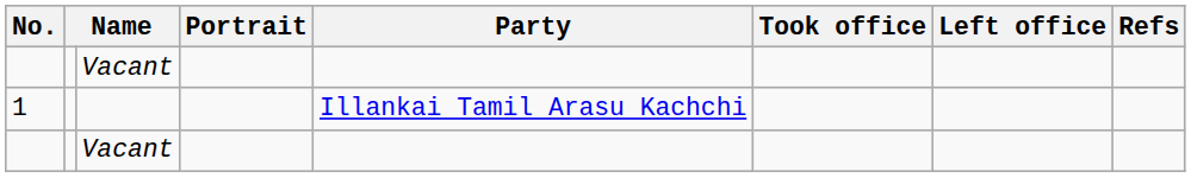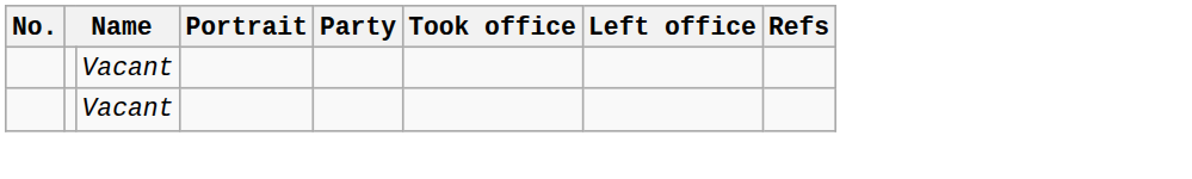 <table class="wikitable plainrowheaders sortable" style="font-size:100%; text-align:left;">
 <tr>
 <th>No.</th>
 <th colspan="2">Name</th>
 <th class=unsortable>Portrait</th>
 <th>Party</th>
 <th>Took office</th>
 <th>Left office</th>
 <th class=unsortable>Refs</th>
 </tr>
 <tr>
 <td></td>
 <td></td>
 <td align=center><em>Vacant</em> </td>
 <td></td>
 <td></td>
 <td align=center></td>
 <td align=center></td>
 <td align=center></td>
 </tr>
 <tr>
-<td>1</td>
-<td !align="center" style="background:"></td>
-<td></td>
-<td></td>
-<td><a href='#'>Illankai Tamil Arasu Kachchi</a></td>
-<td align=center></td>
-<td align=center></td>
-<td align=center></td>
-</tr>
-<tr>
 <td></td>
 <td></td>
 <td align=center><em>Vacant</em> </td>
 <td></td>
 <td></td>
 <td align=center></td>
 <td align=center></td>
 <td align=center></td>
 </tr>
 </table>
